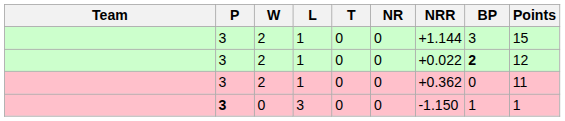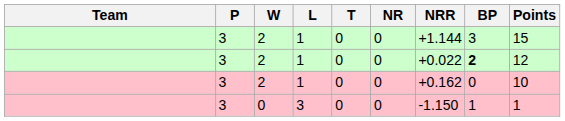 <table class="wikitable">
 <tr>
 <th width=38%>Team</th>
 <th width=7%>P</th>
 <th width=7%>W</th>
 <th width=7%>L</th>
 <th width=7%>T</th>
 <th width=8%>NR</th>
 <th width=9%>NRR</th>
 <th width=8%>BP</th>
 <th width=9%>Points</th>
 </tr>
 <tr bgcolor=ccffcc>
 <td align=left></td>
 <td>3</td>
 <td>2</td>
 <td>1</td>
 <td>0</td>
 <td>0</td>
 <td>+1.144</td>
 <td>3</td>
 <td>15</td>
 </tr>
 <tr bgcolor=ccffcc>
 <td align=left></td>
 <td>3</td>
 <td>2</td>
 <td>1</td>
 <td>0</td>
 <td>0</td>
 <td>+0.022</td>
 <td><strong>2</strong></td>
 <td>12</td>
 </tr>
 <tr bgcolor=pink>
 <td align=left></td>
 <td>3</td>
 <td>2</td>
 <td>1</td>
 <td>0</td>
 <td>0</td>
-<td>+0.362</td>
+<td>+0.162</td>
 <td>0</td>
-<td>11</td>
+<td>10</td>
 </tr>
 <tr bgcolor=pink>
 <td align=left></td>
-<td><strong>3</strong></td>
+<td>3</td>
 <td>0</td>
 <td>3</td>
 <td>0</td>
 <td>0</td>
 <td>-1.150</td>
 <td>1</td>
 <td>1</td>
 </tr>
 </table>
